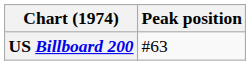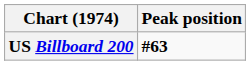 <table class="wikitable">
 <tr>
 <th>Chart (1974)</th>
 <th>Peak position</th>
 </tr>
 <tr>
 <th><strong>US <em><a href='#'>Billboard 200</a></em></strong></th>
-<td>#63</td>
+<td><strong>#63</strong></td>
 </tr>
 </table>
